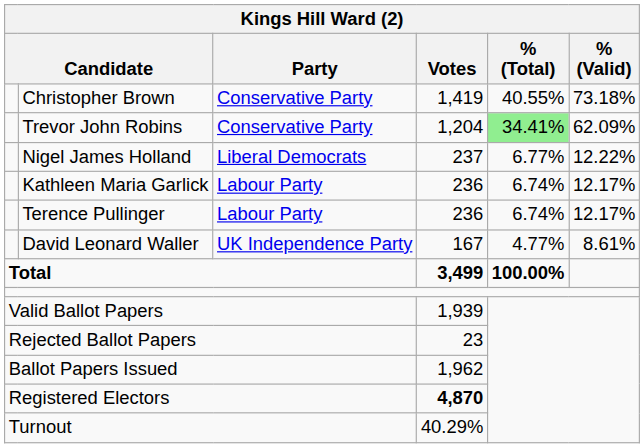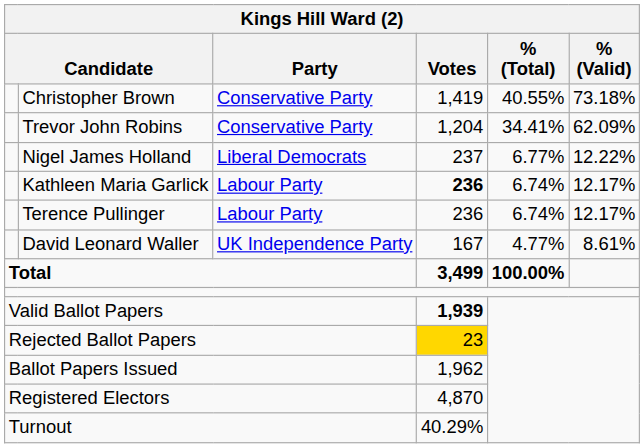 <table class="wikitable" border="1" style="text-align:right; font-size:100%">
 <tr>
 <th align=center colspan=6>Kings Hill Ward (2)</th>
 </tr>
 <tr>
 <th valign=bottom align=left colspan=2>Candidate</th>
 <th valign=bottom align=left>Party</th>
 <th valign=bottom align=center>Votes</th>
 <th align=center>%<br>(Total)</th>
 <th align=center>%<br>(Valid)</th>
 </tr>
 <tr>
 <td bgcolor=> </td>
 <td align=left>Christopher Brown</td>
 <td align=left><a href='#'>Conservative Party</a></td>
 <td>1,419</td>
 <td>40.55%</td>
 <td>73.18%</td>
 </tr>
 <tr>
 <td bgcolor=> </td>
 <td align=left>Trevor John Robins</td>
 <td align=left><a href='#'>Conservative Party</a></td>
 <td>1,204</td>
-<td style="background: lightgreen;">34.41%</td>
+<td>34.41%</td>
 <td>62.09%</td>
 </tr>
 <tr>
 <td bgcolor=> </td>
 <td align=left>Nigel James Holland</td>
 <td align=left><a href='#'>Liberal Democrats</a></td>
 <td>237</td>
 <td>6.77%</td>
 <td>12.22%</td>
 </tr>
 <tr>
 <td bgcolor=> </td>
 <td align=left>Kathleen Maria Garlick</td>
 <td align=left><a href='#'>Labour Party</a></td>
-<td>236</td>
+<td><strong>236</strong></td>
 <td>6.74%</td>
 <td>12.17%</td>
 </tr>
 <tr>
 <td bgcolor=> </td>
 <td align=left>Terence Pullinger</td>
 <td align=left><a href='#'>Labour Party</a></td>
 <td>236</td>
 <td>6.74%</td>
 <td>12.17%</td>
 </tr>
 <tr>
 <td bgcolor=> </td>
 <td align=left>David Leonard Waller</td>
 <td align=left><a href='#'>UK Independence Party</a></td>
 <td>167</td>
 <td>4.77%</td>
 <td>8.61%</td>
 </tr>
 <tr>
 <td align=left colspan=3><strong>Total</strong></td>
 <td><strong>3,499</strong></td>
 <td><strong>100.00%</strong></td>
 <td></td>
 </tr>
 <tr>
 <td align=left colspan=6></td>
 </tr>
 <tr>
 <td align=left colspan=3>Valid Ballot Papers</td>
-<td>1,939</td>
+<td><strong>1,939</strong></td>
 <td colspan=2 rowspan=5></td>
 </tr>
 <tr>
 <td align=left colspan=3>Rejected Ballot Papers</td>
-<td>23</td>
+<td style="background: gold;">23</td>
 </tr>
 <tr>
 <td align=left colspan=3>Ballot Papers Issued</td>
 <td>1,962</td>
 </tr>
 <tr>
 <td align=left colspan=3>Registered Electors</td>
-<td><strong>4,870</strong></td>
+<td>4,870</td>
 </tr>
 <tr>
 <td align=left colspan=3>Turnout</td>
 <td>40.29%</td>
 </tr>
 </table>
